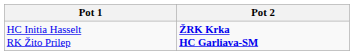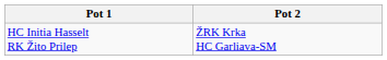 <table class="wikitable">
 <tr>
 <th width=250>Pot 1</th>
 <th width=250>Pot 2</th>
 </tr>
 <tr>
 <td valign="top"> <a href='#'>HC Initia Hasselt</a><br> <a href='#'>RK Žito Prilep</a></td>
-<td valign="top"><strong> <a href='#'>ŽRK Krka</a><br> <a href='#'>HC Garliava-SM</a></strong></td>
+<td valign="top"> <a href='#'>ŽRK Krka</a><br> <a href='#'>HC Garliava-SM</a></td>
 </tr>
 </table>
